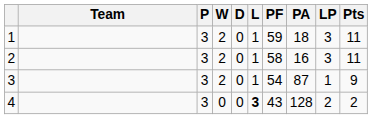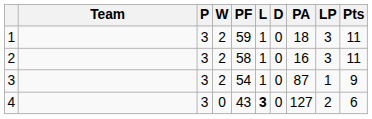 <table class="wikitable" style="text-align:center;">
 <tr>
 <th></th>
 <th width="200px">Team</th>
 <th>P</th>
 <th>W</th>
+<th>PF</th>
+<th>L</th>
 <th>D</th>
-<th>L</th>
-<th>PF</th>
 <th>PA</th>
 <th>LP</th>
 <th>Pts</th>
 </tr>
 <tr>
 <td>1</td>
 <td></td>
 <td>3</td>
 <td>2</td>
+<td>59</td>
+<td>1</td>
 <td>0</td>
-<td>1</td>
-<td>59</td>
 <td>18</td>
 <td>3</td>
 <td>11</td>
 </tr>
 <tr>
 <td>2</td>
 <td></td>
 <td>3</td>
 <td>2</td>
+<td>58</td>
+<td>1</td>
 <td>0</td>
-<td>1</td>
-<td>58</td>
 <td>16</td>
 <td>3</td>
 <td>11</td>
 </tr>
 <tr>
 <td>3</td>
 <td></td>
 <td>3</td>
 <td>2</td>
+<td>54</td>
+<td>1</td>
 <td>0</td>
-<td>1</td>
-<td>54</td>
 <td>87</td>
 <td>1</td>
 <td>9</td>
 </tr>
 <tr>
 <td>4</td>
 <td></td>
 <td>3</td>
 <td>0</td>
+<td>43</td>
+<td><strong>3</strong></td>
 <td>0</td>
-<td><strong>3</strong></td>
-<td>43</td>
-<td>128</td>
+<td>127</td>
 <td>2</td>
-<td>2</td>
+<td>6</td>
 </tr>
 </table>
